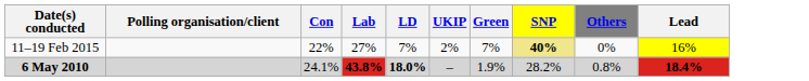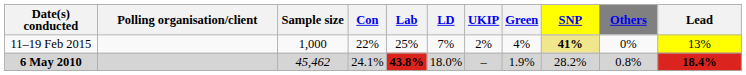 <table class="wikitable sortable" style="text-align:center;font-size:90%;line-height:14px">
 <tr>
 <th ! style="width:100px;">Date(s)<br>conducted</th>
 <th style="width:200px;">Polling organisation/client</th>
+<th class="unsortable" style="width:75px;">Sample size</th>
 <th class="unsortable" style="background:"><a href='#'><span>Con</span></a></th>
 <th class="unsortable" style="background:"><a href='#'><span>Lab</span></a></th>
 <th class="unsortable" style="background:"><a href='#'><span>LD</span></a></th>
 <th class="unsortable" style="background:"><a href='#'><span>UKIP</span></a></th>
 <th class="unsortable" style="background:"><a href='#'><span>Green</span></a></th>
 <th class="unsortable" style="background:#ffff00; width:60px;"><a href='#'><span>SNP</span></a></th>
 <th class="unsortable" style="background:gray; width:60px;"><a href='#'><span>Others</span></a></th>
 <th class="unsortable" style="width:90px;">Lead</th>
 </tr>
 <tr>
 <td>11–19 Feb 2015</td>
 <td> </td>
+<td>1,000</td>
 <td>22%</td>
-<td>27%</td>
+<td>25%</td>
 <td>7%</td>
 <td>2%</td>
-<td>7%</td>
-<td style="background:khaki"><strong>40%</strong></td>
+<td>4%</td>
+<td style="background:khaki"><strong>41%</strong></td>
 <td>0%</td>
-<td style="background:#ff0"><span>16% </span></td>
+<td style="background:#ff0"><span>13% </span></td>
 </tr>
 <tr>
 <td style="background:#D5D5D5"><strong>6 May 2010</strong></td>
 <td style="background:#D5D5D5"></td>
+<td style="background:#D5D5D5"><em>45,462</em></td>
 <td style="background:#D5D5D5">24.1%</td>
 <td style="background:#dc241f"><span><strong>43.8%</strong></span></td>
-<td style="background:#D5D5D5"><strong>18.0%</strong></td>
+<td style="background:#D5D5D5">18.0%</td>
 <td style="background:#D5D5D5">–</td>
 <td style="background:#D5D5D5">1.9%</td>
 <td style="background:#D5D5D5">28.2%</td>
 <td style="background:#D5D5D5">0.8%</td>
 <td style="background:#dc241f"><span><strong>18.4% </strong></span></td>
 </tr>
 </table>
